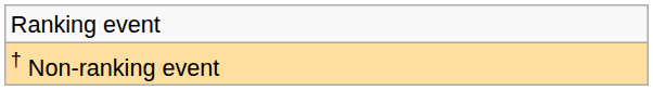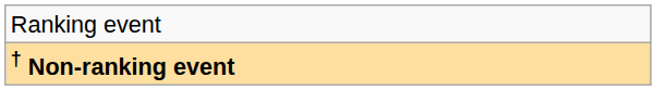 <table class="wikitable" style="font-size:90%; width:25%;">
 <tr>
 <td>Ranking event</td>
 </tr>
 <tr style="background:#ffdf9f;">
-<td><sup>†</sup> Non-ranking event</td>
+<td><strong><sup>†</sup> Non-ranking event</strong></td>
 </tr>
 </table>
